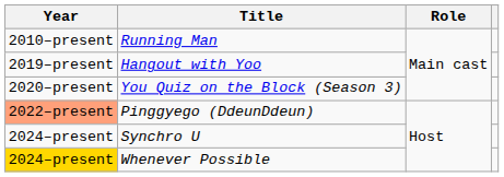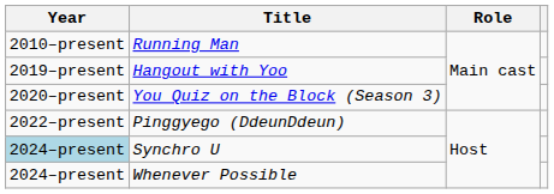 <table class="wikitable sortable plainrowheaders">
 <tr>
 <th scope="col">Year</th>
 <th scope="col">Title</th>
 <th scope="col">Role</th>
 <th scope="col"></th>
 </tr>
 <tr>
 <td scope="row">2010–present</td>
 <td><em><a href='#'>Running Man</a></em></td>
 <td rowspan="3">Main cast</td>
 <td align=center></td>
 </tr>
 <tr>
 <td scope="row">2019–present</td>
 <td><em><a href='#'>Hangout with Yoo</a></em></td>
 <td align=center></td>
 </tr>
 <tr>
 <td scope="row">2020–present</td>
 <td><em><a href='#'>You Quiz on the Block</a> (Season 3)</em></td>
 <td align=center></td>
 </tr>
 <tr>
-<td scope="row" style="background: lightsalmon;">2022–present</td>
+<td scope="row">2022–present</td>
 <td><em>Pinggyego (DdeunDdeun)</em></td>
 <td rowspan="3">Host</td>
 <td align=center></td>
 </tr>
 <tr>
-<td scope="row">2024–present</td>
+<td scope="row" style="background: lightblue;">2024–present</td>
 <td><em>Synchro U</em></td>
 <td align=center></td>
 </tr>
 <tr>
-<td scope="row" style="background: gold;">2024–present</td>
+<td scope="row">2024–present</td>
 <td><em>Whenever Possible</em></td>
 <td align=center></td>
 </tr>
 </table>
